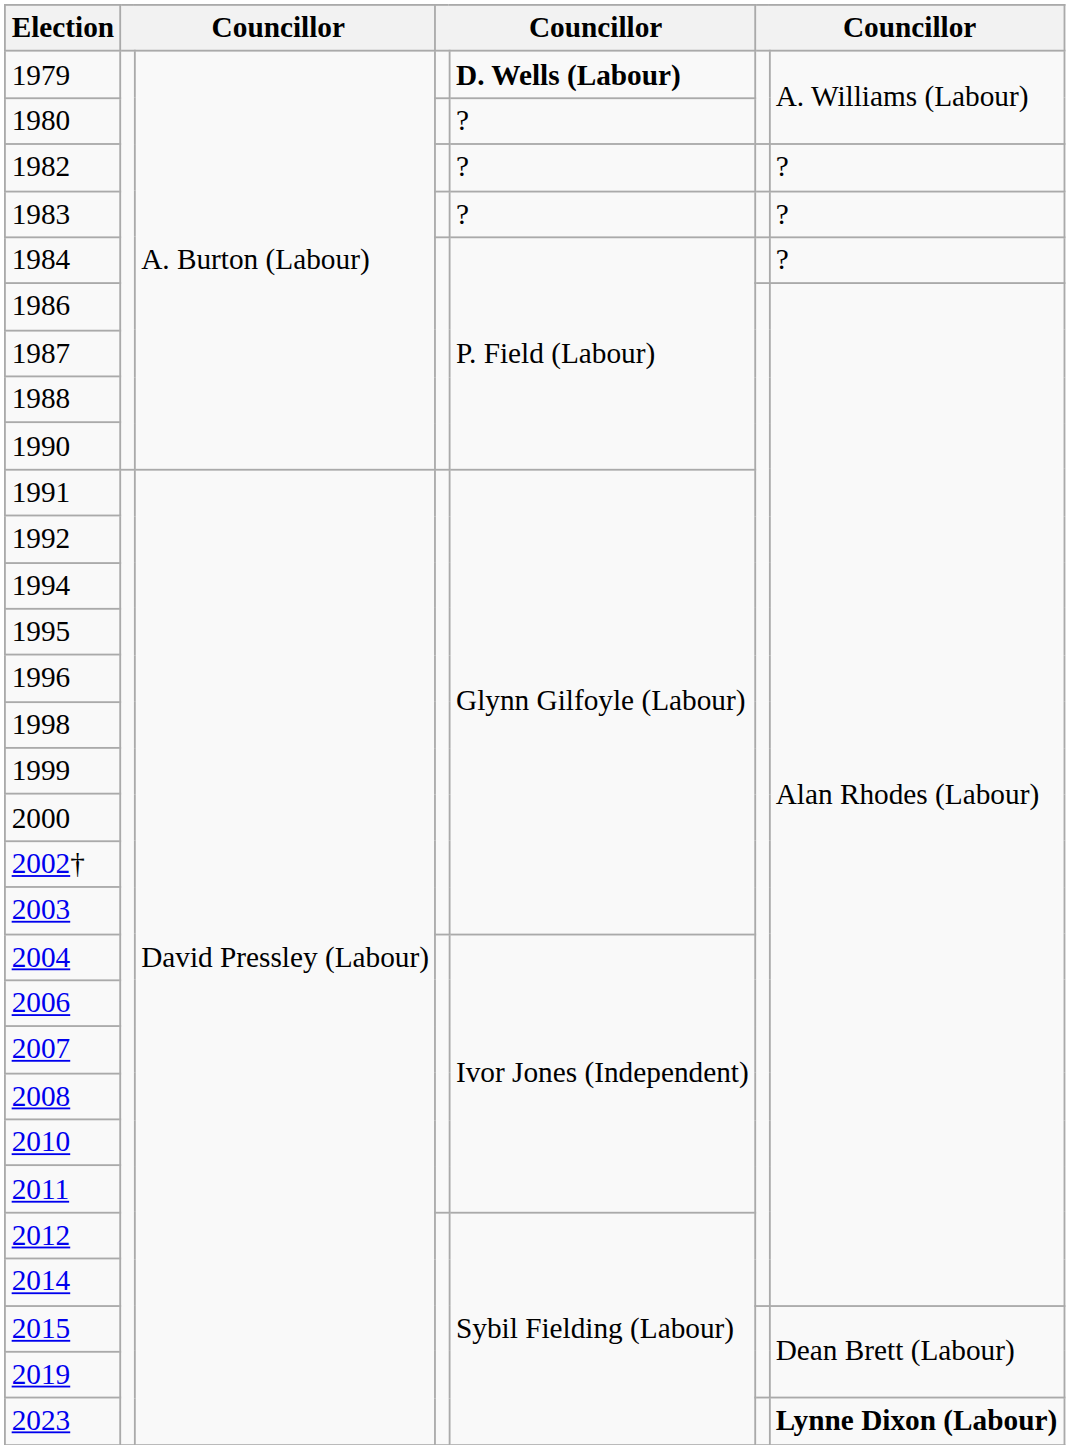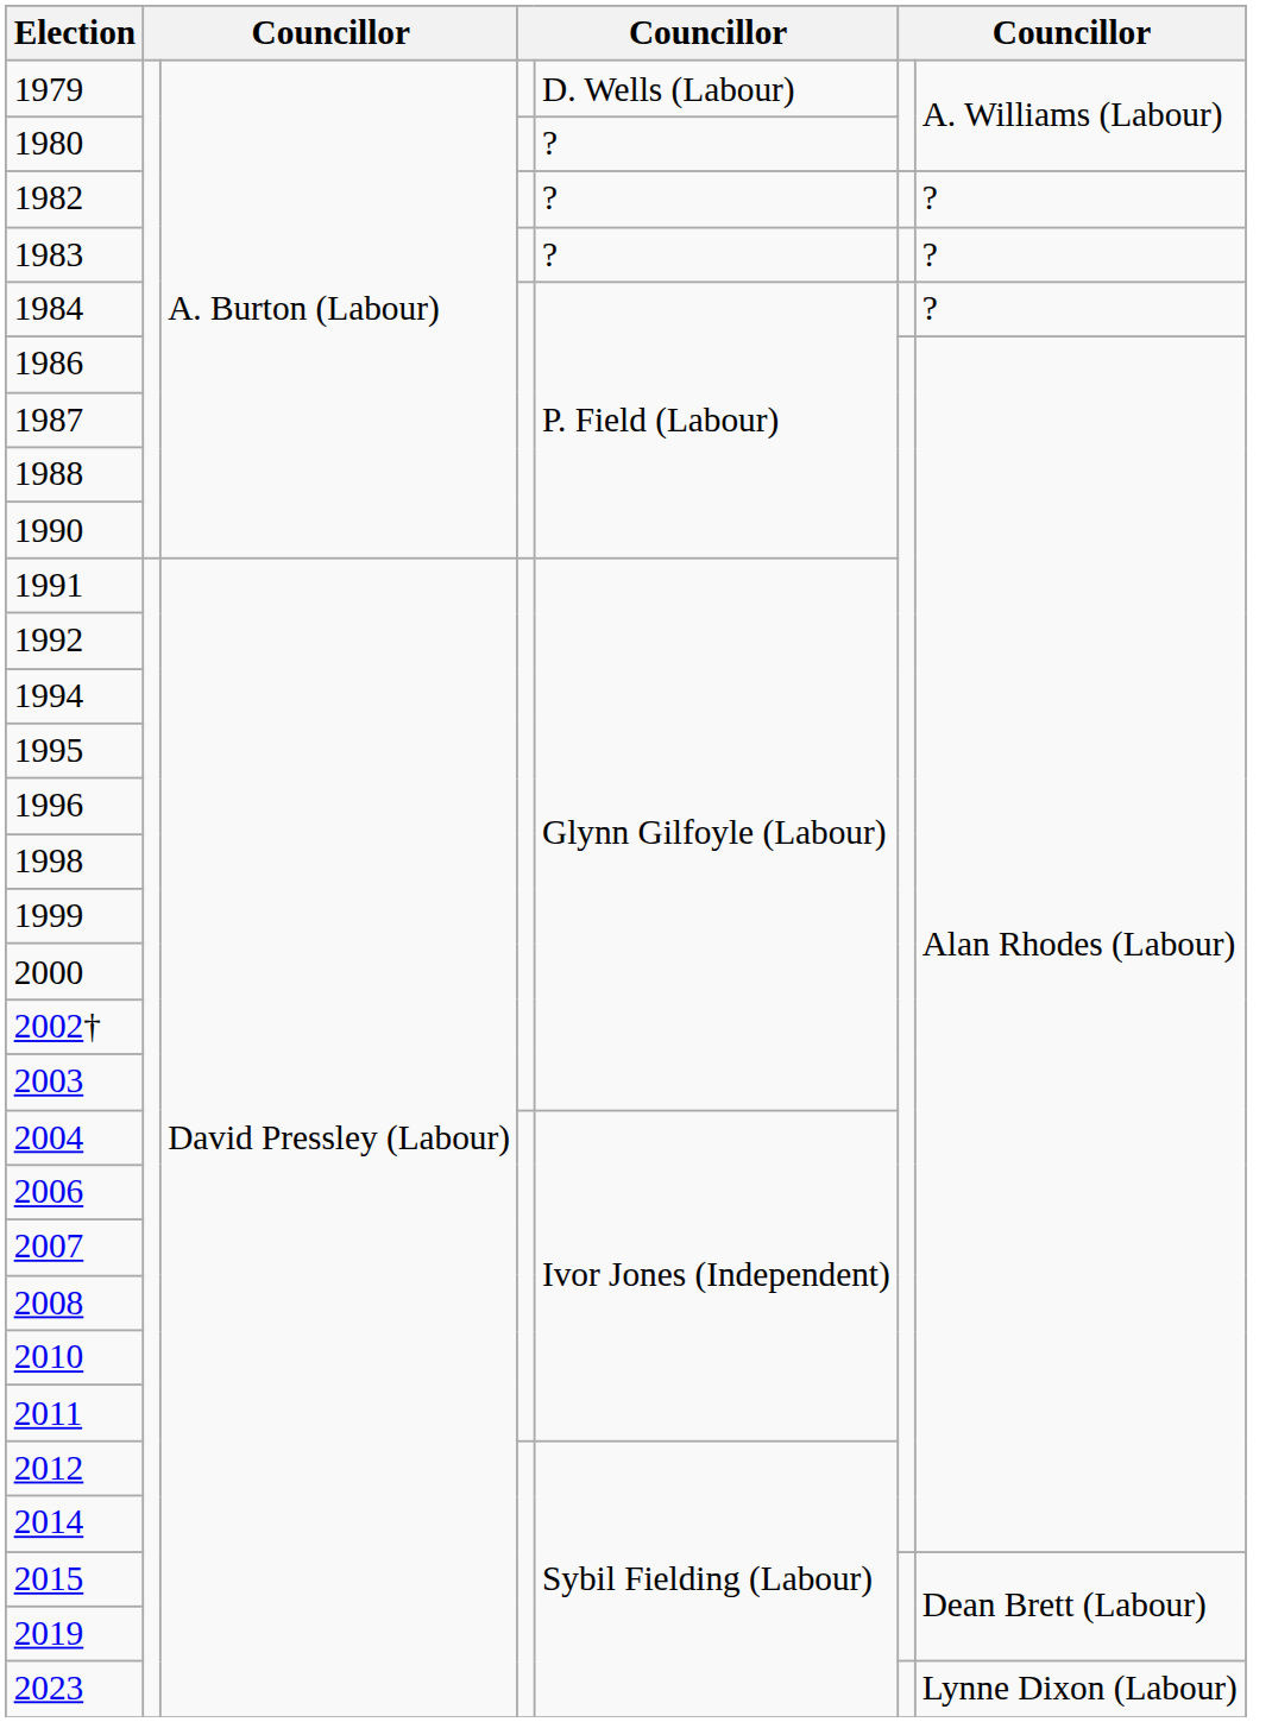 <table class="wikitable">
 <tr>
 <th>Election</th>
 <th colspan="2">Councillor</th>
 <th colspan="2">Councillor</th>
 <th colspan="2">Councillor</th>
 </tr>
 <tr>
 <td>1979</td>
 <td rowspan="9" style="background-color: "></td>
 <td rowspan="9">A. Burton (Labour)</td>
 <td style="background-color: "></td>
-<td><strong>D. Wells (Labour)</strong></td>
+<td>D. Wells (Labour)</td>
 <td rowspan="2" style="background-color: "></td>
 <td rowspan="2">A. Williams (Labour)</td>
 </tr>
 <tr>
 <td>1980</td>
 <td></td>
 <td>?</td>
 </tr>
 <tr>
 <td>1982</td>
 <td></td>
 <td>?</td>
 <td></td>
 <td>?</td>
 </tr>
 <tr>
 <td>1983</td>
 <td></td>
 <td>?</td>
 <td></td>
 <td>?</td>
 </tr>
 <tr>
 <td>1984</td>
 <td rowspan="5" style="background-color: "></td>
 <td rowspan="5">P. Field (Labour)</td>
 <td></td>
 <td>?</td>
 </tr>
 <tr>
 <td>1986</td>
 <td rowspan="22" style="background-color: "></td>
 <td rowspan="22">Alan Rhodes (Labour)</td>
 </tr>
 <tr>
 <td>1987</td>
 </tr>
 <tr>
 <td>1988</td>
 </tr>
 <tr>
 <td>1990</td>
 </tr>
 <tr>
 <td>1991</td>
 <td rowspan="21" style="background-color: "></td>
 <td rowspan="21">David Pressley (Labour)</td>
 <td rowspan="10" style="background-color: "></td>
 <td rowspan="10">Glynn Gilfoyle (Labour)</td>
 </tr>
 <tr>
 <td>1992</td>
 </tr>
 <tr>
 <td>1994</td>
 </tr>
 <tr>
 <td>1995</td>
 </tr>
 <tr>
 <td>1996</td>
 </tr>
 <tr>
 <td>1998</td>
 </tr>
 <tr>
 <td>1999</td>
 </tr>
 <tr>
 <td>2000</td>
 </tr>
 <tr>
 <td><a href='#'>2002</a>†</td>
 </tr>
 <tr>
 <td><a href='#'>2003</a></td>
 </tr>
 <tr>
 <td><a href='#'>2004</a></td>
 <td rowspan="6" style="background-color: "></td>
 <td rowspan="6">Ivor Jones (Independent)</td>
 </tr>
 <tr>
 <td><a href='#'>2006</a></td>
 </tr>
 <tr>
 <td><a href='#'>2007</a></td>
 </tr>
 <tr>
 <td><a href='#'>2008</a></td>
 </tr>
 <tr>
 <td><a href='#'>2010</a></td>
 </tr>
 <tr>
 <td><a href='#'>2011</a></td>
 </tr>
 <tr>
 <td><a href='#'>2012</a></td>
 <td rowspan="5" style="background-color: "></td>
 <td rowspan="5">Sybil Fielding (Labour)</td>
 </tr>
 <tr>
 <td><a href='#'>2014</a></td>
 </tr>
 <tr>
 <td><a href='#'>2015</a></td>
 <td rowspan="2" style="background-color: "></td>
 <td rowspan="2">Dean Brett (Labour)</td>
 </tr>
 <tr>
 <td><a href='#'>2019</a></td>
 </tr>
 <tr>
 <td><a href='#'>2023</a></td>
 <td rowspan="2" style="background-color: "></td>
-<td><strong>Lynne Dixon (Labour)</strong></td>
+<td>Lynne Dixon (Labour)</td>
 </tr>
 </table>
